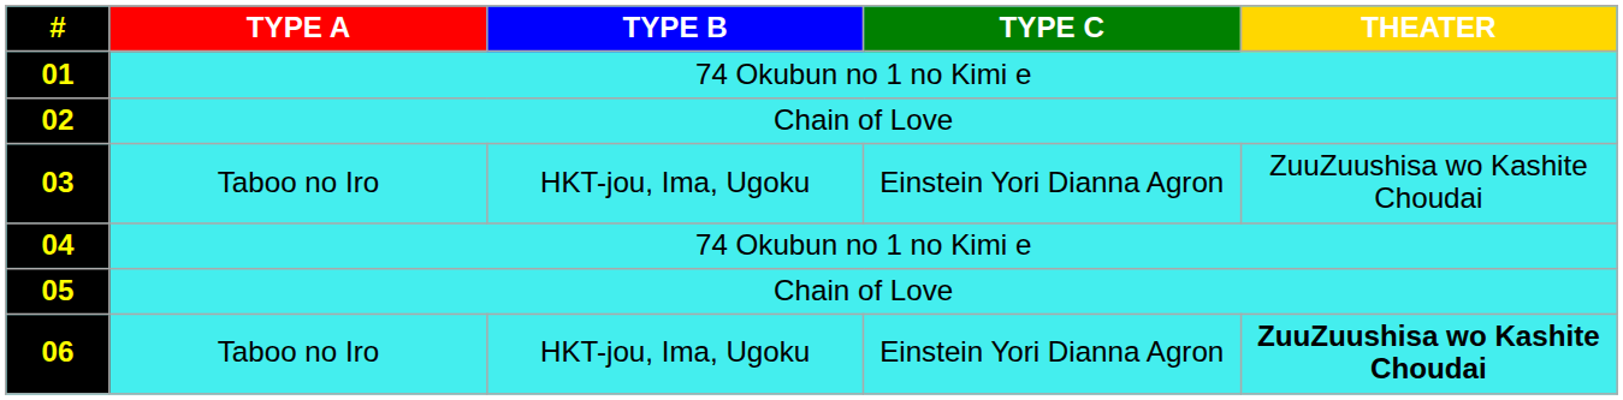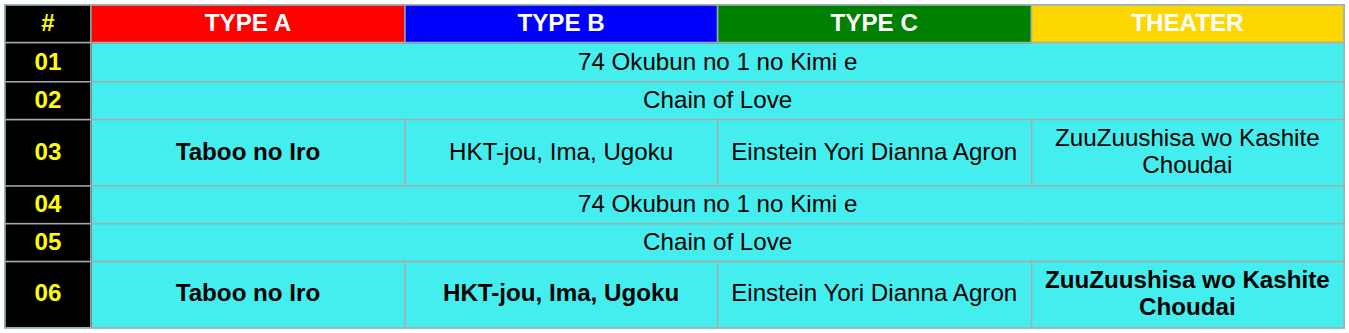 <table class="wikitable" style="background:#4EE; color:black;" |TRACKLIST>
 <tr>
 <th width="50" style="background:black; color:yellow;" width="50">#</th>
 <th style="background:red; color:white;" width="200">TYPE A</th>
 <th style="background:blue; color:white;" width="200">TYPE B</th>
 <th style="background:green; color:white;" width="200">TYPE C</th>
 <th style="background:gold; color:white;" width="200">THEATER</th>
 </tr>
 <tr>
 <th style="background:black; color:yellow;">01</th>
 <td align="center" colspan="4">74 Okubun no 1 no Kimi e</td>
 </tr>
 <tr>
 <th style="background:black; color:yellow;">02</th>
 <td align="center" colspan="4">Chain of Love</td>
 </tr>
 <tr>
 <th style="background:black; color:yellow;">03</th>
-<td align="center">Taboo no Iro<br></td>
+<td align="center"><strong>Taboo no Iro<br></strong></td>
 <td align="center">HKT-jou, Ima, Ugoku<br></td>
 <td align="center">Einstein Yori Dianna Agron<br></td>
 <td align="center">ZuuZuushisa wo Kashite Choudai<br></td>
 </tr>
 <tr>
 <th style="background:black; color:yellow;">04</th>
 <td align="center" colspan="4">74 Okubun no 1 no Kimi e<br></td>
 </tr>
 <tr>
 <th style="background:black; color:yellow;">05</th>
 <td align="center" colspan="4">Chain of Love<br></td>
 </tr>
 <tr>
 <th style="background:black; color:yellow;">06</th>
-<td align="center">Taboo no Iro<br></td>
-<td align="center">HKT-jou, Ima, Ugoku<br></td>
+<td align="center"><strong>Taboo no Iro<br></strong></td>
+<td align="center"><strong>HKT-jou, Ima, Ugoku<br></strong></td>
 <td align="center">Einstein Yori Dianna Agron<br></td>
 <td align="center"><strong>ZuuZuushisa wo Kashite Choudai<br></strong></td>
 </tr>
 </table>
